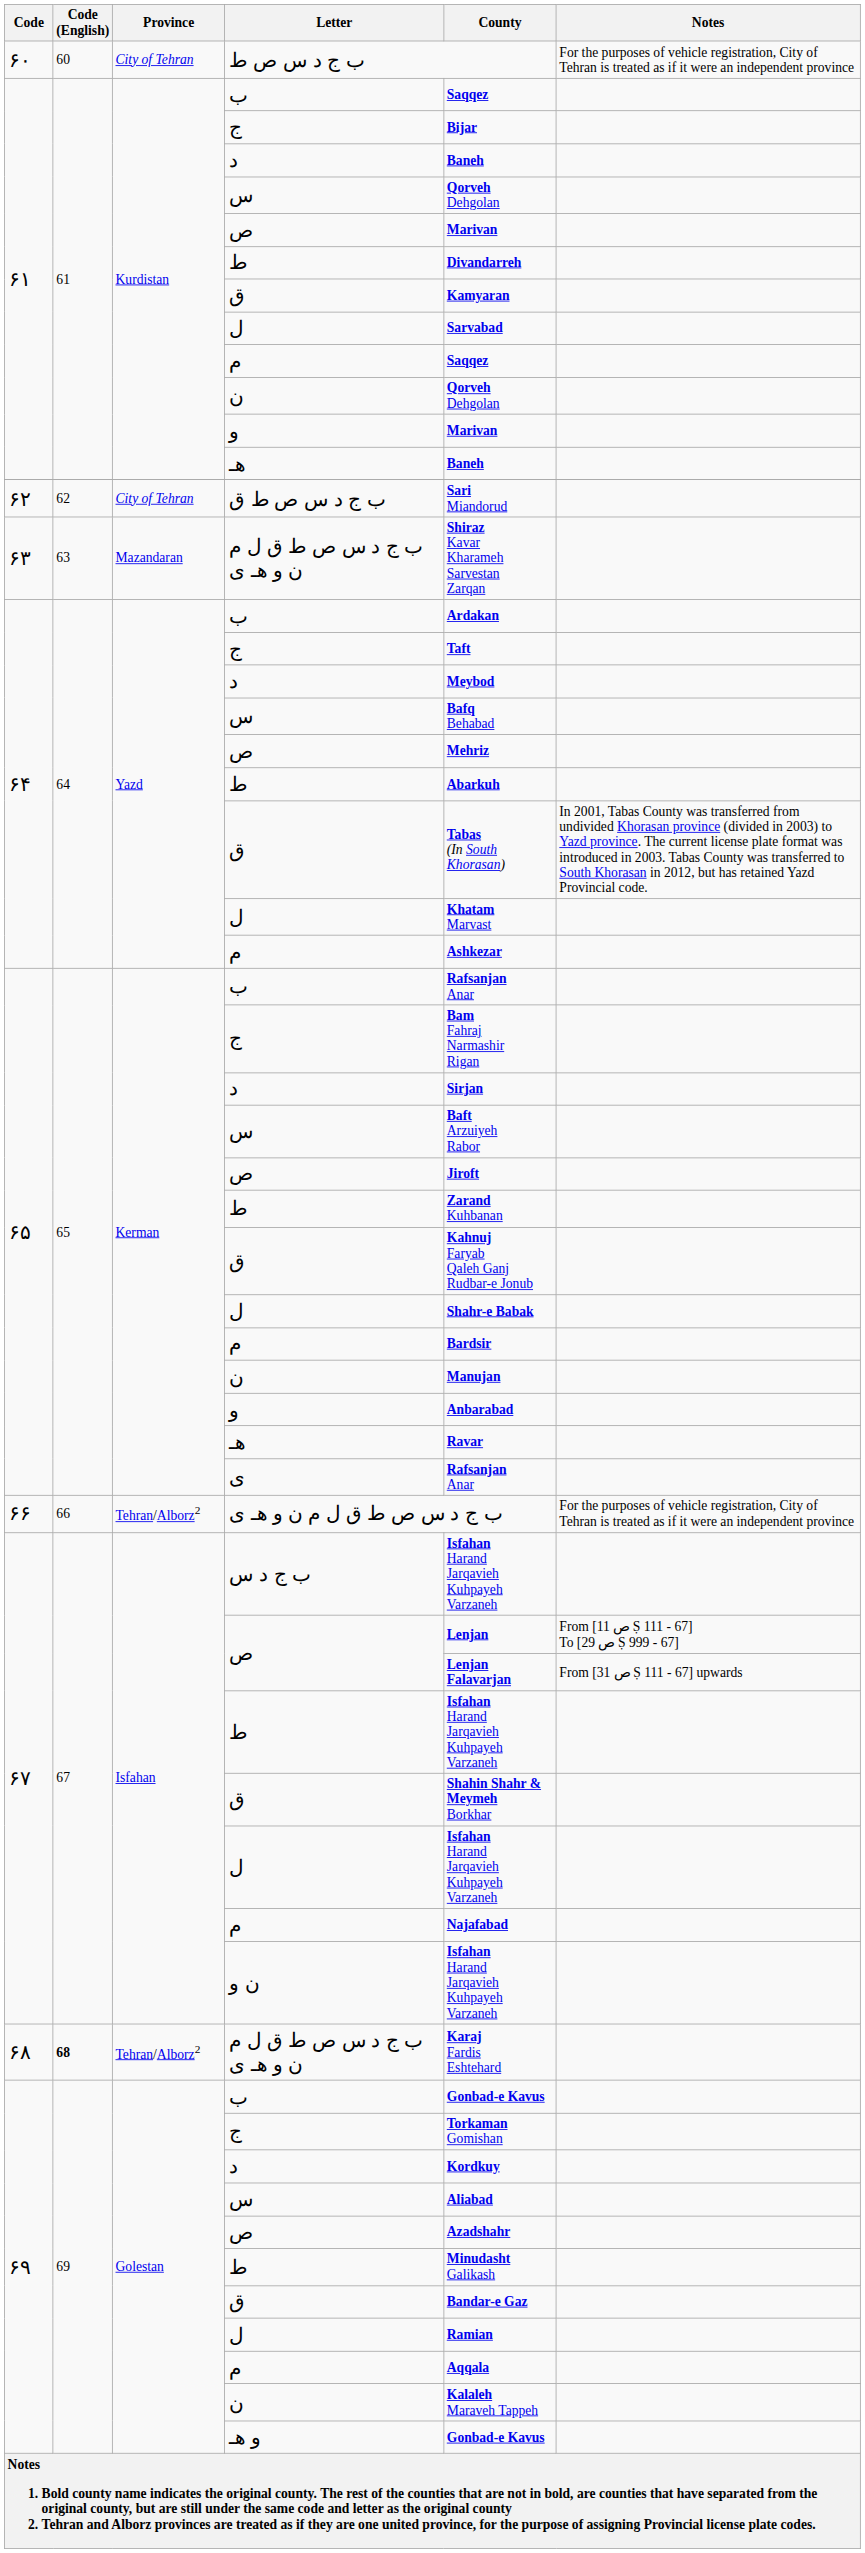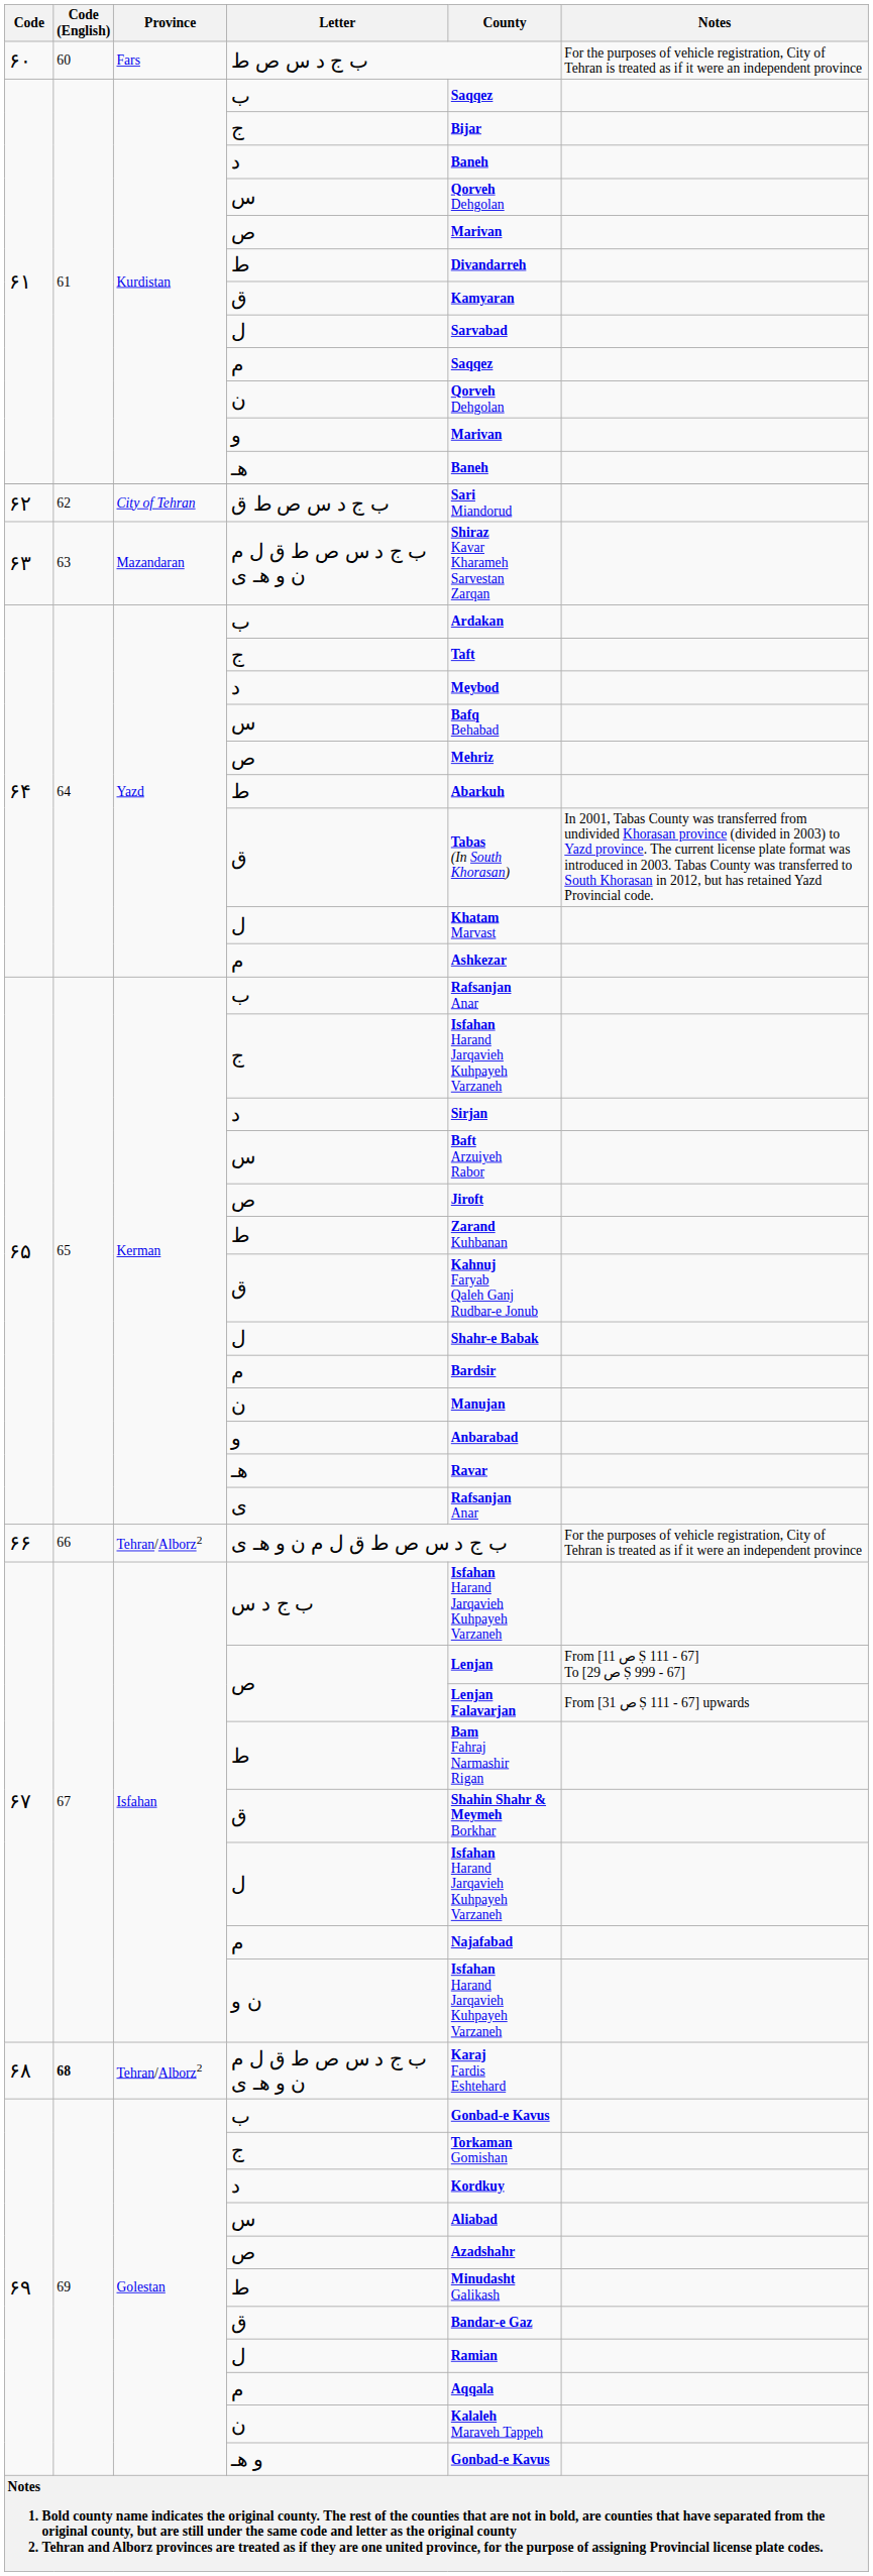 <table class="wikitable mw-collapsible mw-collapsed">
 <tr>
 <th scope="col" style="width: 50px;">Code</th>
 <th scope="col" style="width: 50px;">Code<br>(English)</th>
 <th scope="col" style="width: 125px;">Province</th>
 <th scope="col" style="width: 250px;">Letter</th>
 <th scope="col" style="width: 125px;">County</th>
 <th scope="col" style="width: 350px;">Notes</th>
 </tr>
 <tr>
 <td style="font-size:150%">۶۰</td>
 <td>60</td>
-<td><em><a href='#'>City of Tehran</a></em></td>
+<td><a href='#'>Fars</a></td>
 <td style="font-size:150%" colspan="2">ب ج د س ص ط</td>
 <td>For the purposes of vehicle registration, City of Tehran is treated as if it were an independent province</td>
 </tr>
 <tr>
 <td rowspan="12" style="font-size:150%">۶۱</td>
 <td rowspan="12">61</td>
 <td rowspan="12"><a href='#'>Kurdistan</a></td>
 <td style="font-size:150%">ب</td>
 <td><strong><a href='#'>Saqqez</a></strong></td>
 <td></td>
 </tr>
 <tr>
 <td style="font-size:150%">ج</td>
 <td><strong><a href='#'>Bijar</a></strong></td>
 <td></td>
 </tr>
 <tr>
 <td style="font-size:150%">د</td>
 <td><strong><a href='#'>Baneh</a></strong></td>
 <td></td>
 </tr>
 <tr>
 <td style="font-size:150%">س</td>
 <td><strong><a href='#'>Qorveh</a></strong><br><a href='#'>Dehgolan</a></td>
 <td></td>
 </tr>
 <tr>
 <td style="font-size:150%">ص</td>
 <td><strong><a href='#'>Marivan</a></strong></td>
 <td></td>
 </tr>
 <tr>
 <td style="font-size:150%">ط</td>
 <td><strong><a href='#'>Divandarreh</a></strong></td>
 <td></td>
 </tr>
 <tr>
 <td style="font-size:150%">ق</td>
 <td><strong><a href='#'>Kamyaran</a></strong></td>
 <td></td>
 </tr>
 <tr>
 <td style="font-size:150%">ل</td>
 <td><strong><a href='#'>Sarvabad</a></strong></td>
 <td></td>
 </tr>
 <tr>
 <td style="font-size:150%">م</td>
 <td><strong><a href='#'>Saqqez</a></strong></td>
 <td></td>
 </tr>
 <tr>
 <td style="font-size:150%">ن</td>
 <td><strong><a href='#'>Qorveh</a></strong><br><a href='#'>Dehgolan</a></td>
 <td></td>
 </tr>
 <tr>
 <td style="font-size:150%">و</td>
 <td><strong><a href='#'>Marivan</a></strong></td>
 <td></td>
 </tr>
 <tr>
 <td style="font-size:150%">هـ</td>
 <td><strong><a href='#'>Baneh</a></strong></td>
 <td></td>
 </tr>
 <tr>
 </tr>
 <tr>
 <td style="font-size:150%">۶۲</td>
 <td>62</td>
 <td><em><a href='#'>City of Tehran</a></em></td>
 <td style="font-size:150%">ب ج د س ص ط ق</td>
 <td><strong><a href='#'>Sari</a></strong><br><a href='#'>Miandorud</a></td>
 <td></td>
 </tr>
 <tr>
 <td style="font-size:150%">۶۳</td>
 <td>63</td>
 <td><a href='#'>Mazandaran</a></td>
 <td style="font-size:150%">ب ج د س ص ط ق ل م ن و هـ ی</td>
 <td><strong><a href='#'>Shiraz</a></strong><br><a href='#'>Kavar</a><br><a href='#'>Kharameh</a><br><a href='#'>Sarvestan</a><br><a href='#'>Zarqan</a></td>
 <td></td>
 </tr>
 <tr>
 <td rowspan="9" style="font-size:150%">۶۴</td>
 <td rowspan="9">64</td>
 <td rowspan="9"><a href='#'>Yazd</a></td>
 <td style="font-size:150%">ب</td>
 <td><strong><a href='#'>Ardakan</a></strong></td>
 <td></td>
 </tr>
 <tr>
 <td style="font-size:150%">ج</td>
 <td><strong><a href='#'>Taft</a></strong></td>
 <td></td>
 </tr>
 <tr>
 <td style="font-size:150%">د</td>
 <td><strong><a href='#'>Meybod</a></strong></td>
 <td></td>
 </tr>
 <tr>
 <td style="font-size:150%">س</td>
 <td><strong><a href='#'>Bafq</a></strong><br><a href='#'>Behabad</a></td>
 <td></td>
 </tr>
 <tr>
 <td style="font-size:150%">ص</td>
 <td><strong><a href='#'>Mehriz</a></strong></td>
 <td></td>
 </tr>
 <tr>
 <td style="font-size:150%">ط</td>
 <td><strong><a href='#'>Abarkuh</a></strong></td>
 <td></td>
 </tr>
 <tr>
 <td style="font-size:150%">ق</td>
 <td><strong><a href='#'>Tabas</a></strong><br><em>(In <a href='#'>South Khorasan</a>)</em></td>
 <td>In 2001, Tabas County was transferred from undivided <a href='#'>Khorasan province</a> (divided in 2003) to <a href='#'>Yazd province</a>. The current license plate format was introduced in 2003. Tabas County was transferred to <a href='#'>South Khorasan</a> in 2012, but has retained Yazd Provincial code.</td>
 </tr>
 <tr>
 <td style="font-size:150%">ل</td>
 <td><strong><a href='#'>Khatam</a></strong><br><a href='#'>Marvast</a></td>
 <td></td>
 </tr>
 <tr>
 <td style="font-size:150%">م</td>
 <td><strong><a href='#'>Ashkezar</a></strong></td>
 <td></td>
 </tr>
 <tr>
 <td rowspan="13" style="font-size:150%">۶۵</td>
 <td rowspan="13">65</td>
 <td rowspan="13"><a href='#'>Kerman</a></td>
 <td style="font-size:150%">ب</td>
 <td><strong><a href='#'>Rafsanjan</a></strong><br><a href='#'>Anar</a></td>
 <td></td>
 </tr>
 <tr>
 <td style="font-size:150%">ج</td>
-<td><strong><a href='#'>Bam</a></strong><br><a href='#'>Fahraj</a><br><a href='#'>Narmashir</a><br><a href='#'>Rigan</a></td>
+<td><strong><a href='#'>Isfahan</a></strong><br><a href='#'>Harand</a><br><a href='#'>Jarqavieh</a><br><a href='#'>Kuhpayeh</a><br><a href='#'>Varzaneh</a></td>
 <td></td>
 </tr>
 <tr>
 <td style="font-size:150%">د</td>
 <td><strong><a href='#'>Sirjan</a></strong></td>
 <td></td>
 </tr>
 <tr>
 <td style="font-size:150%">س</td>
 <td><strong><a href='#'>Baft</a></strong><br><a href='#'>Arzuiyeh</a><br><a href='#'>Rabor</a></td>
 <td></td>
 </tr>
 <tr>
 <td style="font-size:150%">ص</td>
 <td><strong><a href='#'>Jiroft</a></strong></td>
 <td></td>
 </tr>
 <tr>
 <td style="font-size:150%">ط</td>
 <td><strong><a href='#'>Zarand</a></strong><br><a href='#'>Kuhbanan</a></td>
 <td></td>
 </tr>
 <tr>
 <td style="font-size:150%">ق</td>
 <td><strong><a href='#'>Kahnuj</a></strong><br><a href='#'>Faryab</a><br><a href='#'>Qaleh Ganj</a><br><a href='#'>Rudbar-e Jonub</a></td>
 <td></td>
 </tr>
 <tr>
 <td style="font-size:150%">ل</td>
 <td><strong><a href='#'>Shahr-e Babak</a></strong></td>
 <td></td>
 </tr>
 <tr>
 <td style="font-size:150%">م</td>
 <td><strong><a href='#'>Bardsir</a></strong></td>
 <td></td>
 </tr>
 <tr>
 <td style="font-size:150%">ن</td>
 <td><strong><a href='#'>Manujan</a></strong></td>
 <td></td>
 </tr>
 <tr>
 <td style="font-size:150%">و</td>
 <td><strong><a href='#'>Anbarabad</a></strong></td>
 <td></td>
 </tr>
 <tr>
 <td style="font-size:150%">هـ</td>
 <td><strong><a href='#'>Ravar</a></strong></td>
 <td></td>
 </tr>
 <tr>
 <td style="font-size:150%">ی</td>
 <td><strong><a href='#'>Rafsanjan</a></strong><br><a href='#'>Anar</a></td>
 <td></td>
 </tr>
 <tr>
 <td style="font-size:150%">۶۶</td>
 <td>66</td>
 <td><a href='#'>Tehran</a>/<a href='#'>Alborz</a><sup>2</sup></td>
 <td style="font-size:150%" colspan="2">ب ج د س ص ط ق ل م ن و هـ ی</td>
 <td>For the purposes of vehicle registration, City of Tehran is treated as if it were an independent province</td>
 </tr>
 <tr>
 <td rowspan="8" style="font-size:150%">۶۷</td>
 <td rowspan="8">67</td>
 <td rowspan="8"><a href='#'>Isfahan</a></td>
 <td style="font-size:150%">ب ج د س</td>
 <td><strong><a href='#'>Isfahan</a></strong><br><a href='#'>Harand</a><br><a href='#'>Jarqavieh</a><br><a href='#'>Kuhpayeh</a><br><a href='#'>Varzaneh</a></td>
 <td></td>
 </tr>
 <tr>
 <td rowspan="2" style="font-size:150%">ص</td>
 <td><strong><a href='#'>Lenjan</a></strong></td>
 <td>From [11 ص Ṣ 111 - 67]<br>To [29 ص Ṣ 999 - 67]</td>
 </tr>
 <tr>
 <td><strong><a href='#'>Lenjan</a></strong><br><strong><a href='#'>Falavarjan</a></strong></td>
 <td>From [31 ص Ṣ 111 - 67] upwards</td>
 </tr>
 <tr>
 <td style="font-size:150%">ط</td>
-<td><strong><a href='#'>Isfahan</a></strong><br><a href='#'>Harand</a><br><a href='#'>Jarqavieh</a><br><a href='#'>Kuhpayeh</a><br><a href='#'>Varzaneh</a></td>
+<td><strong><a href='#'>Bam</a></strong><br><a href='#'>Fahraj</a><br><a href='#'>Narmashir</a><br><a href='#'>Rigan</a></td>
 <td></td>
 </tr>
 <tr>
 <td style="font-size:150%">ق</td>
 <td><strong><a href='#'>Shahin Shahr & Meymeh</a></strong><br><a href='#'>Borkhar</a></td>
 <td></td>
 </tr>
 <tr>
 <td style="font-size:150%">ل</td>
 <td><strong><a href='#'>Isfahan</a></strong><br><a href='#'>Harand</a><br><a href='#'>Jarqavieh</a><br><a href='#'>Kuhpayeh</a><br><a href='#'>Varzaneh</a></td>
 <td></td>
 </tr>
 <tr>
 <td style="font-size:150%">م</td>
 <td><strong><a href='#'>Najafabad</a></strong></td>
 <td></td>
 </tr>
 <tr>
 <td style="font-size:150%">ن و</td>
 <td><strong><a href='#'>Isfahan</a></strong><br><a href='#'>Harand</a><br><a href='#'>Jarqavieh</a><br><a href='#'>Kuhpayeh</a><br><a href='#'>Varzaneh</a></td>
 <td></td>
 </tr>
 <tr>
 <td style="font-size:150%">۶۸</td>
 <td><strong>68</strong></td>
 <td><a href='#'>Tehran</a>/<a href='#'>Alborz</a><sup>2</sup></td>
 <td style="font-size:150%">ب ج د س ص ط ق ل م ن و هـ ی</td>
 <td><strong><a href='#'>Karaj</a></strong><br><a href='#'>Fardis</a><br><a href='#'>Eshtehard</a></td>
 <td></td>
 </tr>
 <tr>
 <td rowspan="11" style="font-size:150%">۶۹</td>
 <td rowspan="11">69</td>
 <td rowspan="11"><a href='#'>Golestan</a></td>
 <td style="font-size:150%">ب</td>
 <td><strong><a href='#'>Gonbad-e Kavus</a></strong></td>
 <td></td>
 </tr>
 <tr>
 <td style="font-size:150%">ج</td>
 <td><strong><a href='#'>Torkaman</a></strong><br><a href='#'>Gomishan</a></td>
 <td></td>
 </tr>
 <tr>
 <td style="font-size:150%">د</td>
 <td><strong><a href='#'>Kordkuy</a></strong></td>
 <td></td>
 </tr>
 <tr>
 <td style="font-size:150%">س</td>
 <td><strong><a href='#'>Aliabad</a></strong></td>
 <td></td>
 </tr>
 <tr>
 <td style="font-size:150%">ص</td>
 <td><strong><a href='#'>Azadshahr</a></strong></td>
 <td></td>
 </tr>
 <tr>
 <td style="font-size:150%">ط</td>
 <td><strong><a href='#'>Minudasht</a></strong><br><a href='#'>Galikash</a></td>
 <td></td>
 </tr>
 <tr>
 <td style="font-size:150%">ق</td>
 <td><strong><a href='#'>Bandar-e Gaz</a></strong></td>
 <td></td>
 </tr>
 <tr>
 <td style="font-size:150%">ل</td>
 <td><strong><a href='#'>Ramian</a></strong></td>
 <td></td>
 </tr>
 <tr>
 <td style="font-size:150%">م</td>
 <td><strong><a href='#'>Aqqala</a></strong></td>
 <td></td>
 </tr>
 <tr>
 <td style="font-size:150%">ن</td>
 <td><strong><a href='#'>Kalaleh</a></strong><br><a href='#'>Maraveh Tappeh</a></td>
 <td></td>
 </tr>
 <tr>
 <td style="font-size:150%">و هـ</td>
 <td><strong><a href='#'>Gonbad-e Kavus</a></strong></td>
 <td></td>
 </tr>
 <tr>
 <th colspan="6" style=text-align:left>Notes<br><ol><li>Bold county name indicates the original county. The rest of the counties that are not in bold, are counties that have separated from the original county, but are still under the same code and letter as the original county</li><li>Tehran and Alborz provinces are treated as if they are one united province, for the purpose of assigning Provincial license plate codes.</li></ol></th>
 </tr>
 </table>
